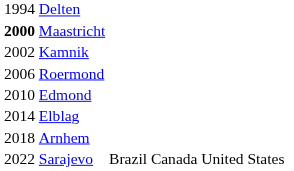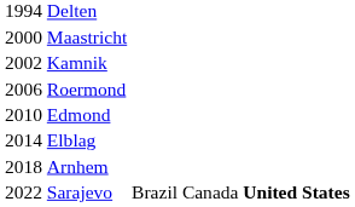 <table>
 <tr>
 <td style="text-align: center;">  1994</td>
 <td><a href='#'>Delten</a></td>
 <td></td>
 <td></td>
 <td></td>
 </tr>
 <tr>
-<td style="text-align: center;"><strong>  2000</strong></td>
+<td style="text-align: center;">  2000</td>
 <td><a href='#'>Maastricht</a></td>
 <td></td>
 <td></td>
 <td></td>
 </tr>
 <tr>
 <td style="text-align: center;"> 2002</td>
 <td><a href='#'>Kamnik</a></td>
 <td></td>
 <td></td>
 <td></td>
 </tr>
 <tr>
 <td style="text-align: center;"> 2006</td>
 <td><a href='#'>Roermond</a></td>
 <td></td>
 <td></td>
 <td></td>
 </tr>
 <tr>
 <td style="text-align: center;"> 2010</td>
 <td><a href='#'>Edmond</a></td>
 <td></td>
 <td></td>
 <td></td>
 </tr>
 <tr>
 <td style="text-align: center;"> 2014</td>
 <td><a href='#'>Elblag</a></td>
 <td></td>
 <td></td>
 <td></td>
 </tr>
 <tr>
 <td style="text-align: center;">  2018</td>
 <td><a href='#'>Arnhem</a></td>
 <td></td>
 <td></td>
 <td></td>
 </tr>
 <tr>
 <td style="text-align: center;">  2022</td>
 <td><a href='#'>Sarajevo</a></td>
 <td> Brazil</td>
 <td> Canada</td>
-<td> United States</td>
+<td><strong> United States</strong></td>
 </tr>
 <tr>
 </tr>
 </table>
